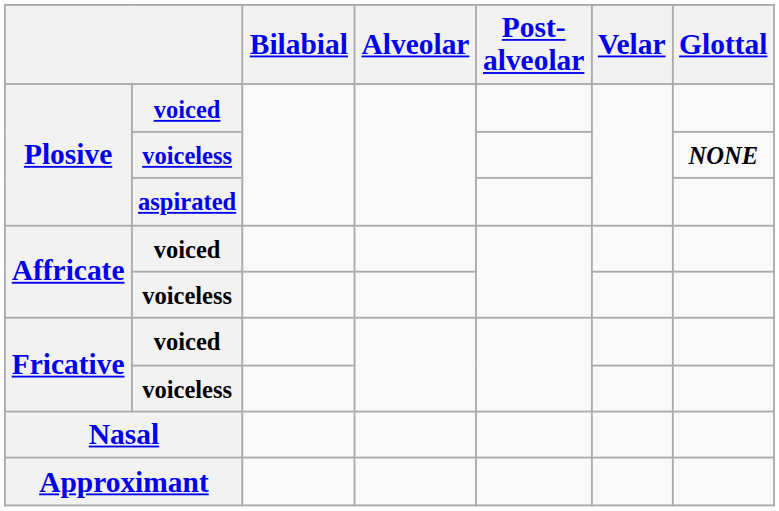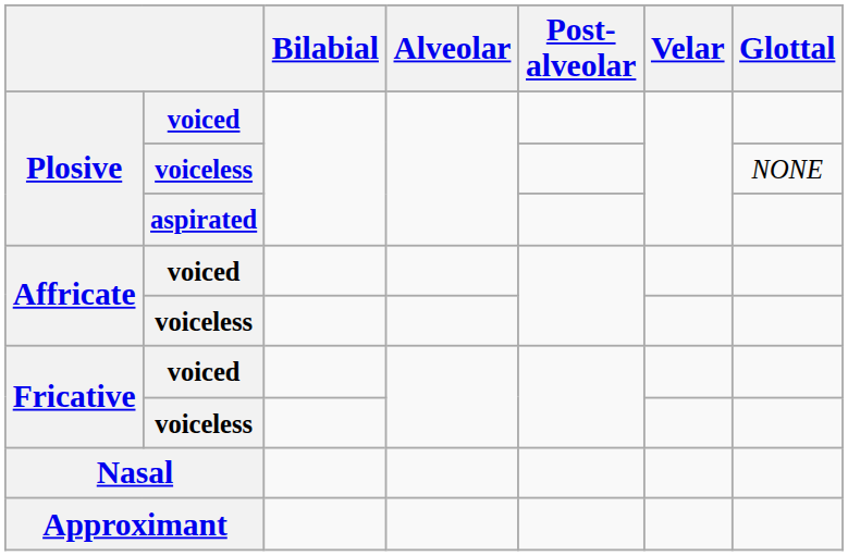 <table class="wikitable" style=text-align:center>
 <tr>
 <th colspan=2></th>
 <th><a href='#'>Bilabial</a></th>
 <th><a href='#'>Alveolar</a></th>
 <th><a href='#'>Post-<br>alveolar</a></th>
 <th><a href='#'>Velar</a></th>
 <th><a href='#'>Glottal</a></th>
 </tr>
 <tr>
 <th rowspan=3><a href='#'>Plosive</a></th>
 <th><small><a href='#'>voiced</a></small></th>
 <td rowspan=3>   <br> <br>   </td>
 <td rowspan=3>   <br> <br>   </td>
 <td></td>
 <td rowspan=3>   <br> <br>   </td>
 <td></td>
 </tr>
 <tr>
 <th><small><a href='#'>voiceless</a></small></th>
 <td></td>
-<td><strong> <small><em>NONE</em></small></strong></td>
+<td> <small><em>NONE</em></small></td>
 </tr>
 <tr>
 <th><small><a href='#'>aspirated</a></small></th>
 <td></td>
 <td></td>
 </tr>
 <tr>
 <th rowspan=2><a href='#'>Affricate</a></th>
 <th><small>voiced</small></th>
 <td></td>
 <td></td>
 <td rowspan=2> <br>   </td>
 <td></td>
 <td></td>
 </tr>
 <tr>
 <th><small>voiceless</small></th>
 <td></td>
 <td></td>
 <td></td>
 <td></td>
 </tr>
 <tr>
 <th rowspan=2><a href='#'>Fricative</a></th>
 <th><small>voiced</small></th>
 <td></td>
 <td rowspan=2> <br>   </td>
 <td rowspan=2> <br>   </td>
 <td></td>
 <td></td>
 </tr>
 <tr>
 <th><small>voiceless</small></th>
 <td></td>
 <td></td>
 <td> </td>
 </tr>
 <tr>
 <th colspan=2><a href='#'>Nasal</a></th>
 <td> </td>
 <td> </td>
 <td></td>
 <td></td>
 <td></td>
 </tr>
 <tr>
 <th colspan=2><a href='#'>Approximant</a></th>
 <td> </td>
 <td></td>
 <td> </td>
 <td></td>
 <td></td>
 </tr>
 </table>
